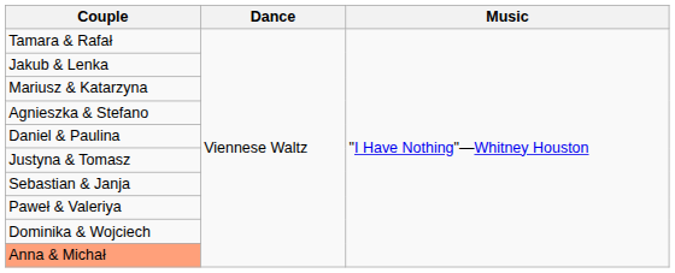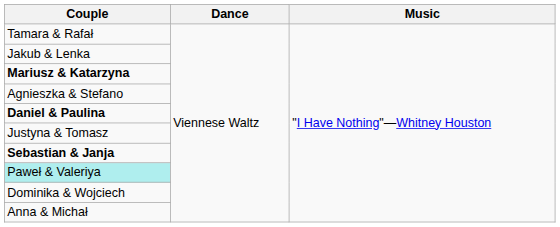 <table class="wikitable" style="width:80%;">
 <tr>
 <th>Couple</th>
 <th>Dance</th>
 <th>Music</th>
 </tr>
 <tr>
 <td>Tamara & Rafał</td>
 <td rowspan="10">Viennese Waltz</td>
 <td rowspan="10">"<a href='#'>I Have Nothing</a>"—<a href='#'>Whitney Houston</a></td>
 </tr>
 <tr>
 <td>Jakub & Lenka</td>
 </tr>
 <tr>
-<td>Mariusz & Katarzyna</td>
+<td><strong>Mariusz & Katarzyna</strong></td>
 </tr>
 <tr>
 <td>Agnieszka & Stefano</td>
 </tr>
 <tr>
-<td>Daniel & Paulina</td>
+<td><strong>Daniel & Paulina</strong></td>
 </tr>
 <tr>
 <td>Justyna & Tomasz</td>
 </tr>
 <tr>
-<td>Sebastian & Janja</td>
+<td><strong>Sebastian & Janja</strong></td>
 </tr>
 <tr>
-<td>Paweł & Valeriya</td>
+<td style="background: paleturquoise;">Paweł & Valeriya</td>
 </tr>
 <tr>
 <td>Dominika & Wojciech</td>
 </tr>
 <tr>
-<td style="background: lightsalmon;">Anna & Michał</td>
+<td>Anna & Michał</td>
 </tr>
 </table>
